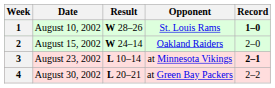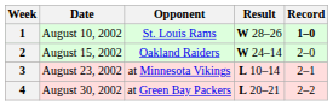 <table class="wikitable" style="text-align:center">
 <tr>
 <th>Week</th>
 <th>Date</th>
+<th>Opponent</th>
 <th>Result</th>
-<th>Opponent</th>
 <th>Record</th>
 </tr>
 <tr style="background:#dfd">
 <th>1</th>
 <td>August 10, 2002</td>
+<td><a href='#'>St. Louis Rams</a></td>
 <td><strong>W</strong> 28–26</td>
-<td><a href='#'>St. Louis Rams</a></td>
 <td><strong>1–0</strong></td>
 </tr>
 <tr style="background:#dfd">
 <th>2</th>
 <td>August 15, 2002</td>
+<td><a href='#'>Oakland Raiders</a></td>
 <td><strong>W</strong> 24–14</td>
-<td><a href='#'>Oakland Raiders</a></td>
 <td>2–0</td>
 </tr>
 <tr style="background:#fdd">
 <th>3</th>
 <td>August 23, 2002</td>
+<td>at <a href='#'>Minnesota Vikings</a></td>
 <td><strong>L</strong> 10–14</td>
-<td>at <a href='#'>Minnesota Vikings</a></td>
-<td><strong>2–1</strong></td>
+<td>2–1</td>
 </tr>
 <tr style="background:#fdd">
 <th>4</th>
 <td>August 30, 2002</td>
+<td>at <a href='#'>Green Bay Packers</a></td>
 <td><strong>L</strong> 20–21</td>
-<td>at <a href='#'>Green Bay Packers</a></td>
 <td>2–2</td>
 </tr>
 </table>
